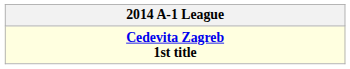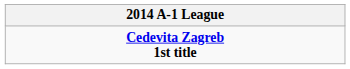 <table class="wikitable" style="margin: 0 auto; width: 20%;">
 <tr>
 <th>2014 A-1 League</th>
 </tr>
 <tr>
-<td align=center style="background: lightyellow;"><strong><a href='#'>Cedevita Zagreb</a></strong><br><strong>1st title</strong> <br></td>
+<td align=center><strong><a href='#'>Cedevita Zagreb</a></strong><br><strong>1st title</strong> <br></td>
 </tr>
 </table>
